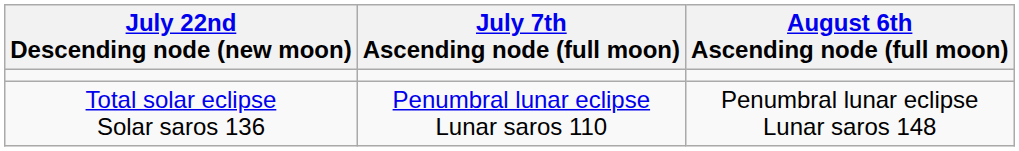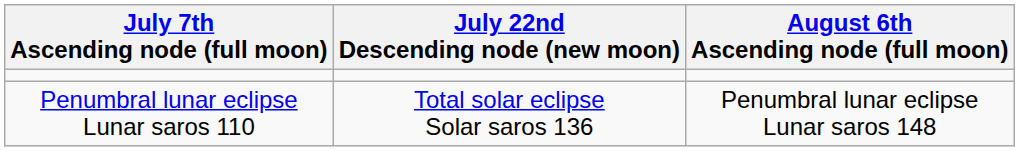 <table class="wikitable">
 <tr>
+<th><a href='#'>July 7th</a><br>Ascending node (full moon)</th>
 <th><a href='#'>July 22nd</a><br>Descending node (new moon)</th>
-<th><a href='#'>July 7th</a><br>Ascending node (full moon)</th>
 <th><a href='#'>August 6th</a><br>Ascending node (full moon)</th>
 </tr>
 <tr>
 <td></td>
 <td></td>
 <td></td>
 </tr>
 <tr align=center>
+<td><a href='#'>Penumbral lunar eclipse</a><br>Lunar saros 110</td>
 <td><a href='#'>Total solar eclipse</a><br>Solar saros 136</td>
-<td><a href='#'>Penumbral lunar eclipse</a><br>Lunar saros 110</td>
 <td>Penumbral lunar eclipse<br>Lunar saros 148</td>
 </tr>
 </table>
